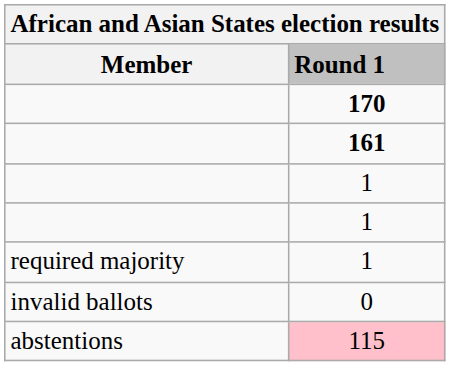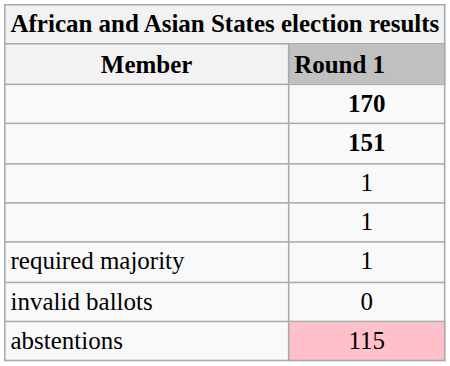 <table class="wikitable collapsible">
 <tr>
 <th colspan="2">African and Asian States election results</th>
 </tr>
 <tr>
 <th>Member</th>
 <td style="background:silver;"><strong>Round 1</strong></td>
 </tr>
 <tr>
 <td></td>
 <td style="text-align:center;"><strong>170</strong></td>
 </tr>
 <tr>
 <td></td>
-<td style="text-align:center;"><strong>161</strong></td>
+<td style="text-align:center;"><strong>151</strong></td>
 </tr>
 <tr>
 <td></td>
 <td style="text-align:center;">1</td>
 </tr>
 <tr>
 <td></td>
 <td style="text-align:center;">1</td>
 </tr>
 <tr>
 <td>required majority</td>
 <td style="text-align:center;">1</td>
 </tr>
 <tr>
 <td>invalid ballots</td>
 <td style="text-align:center;">0</td>
 </tr>
 <tr>
 <td>abstentions</td>
 <td style="background: pink; text-align:center;">115</td>
 </tr>
 </table>
